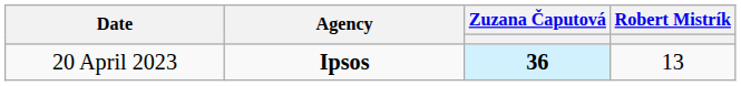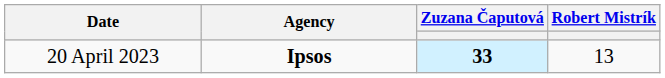 <table class="wikitable" style="text-align:center;">
 <tr style="font-size:80%;">
 <th style="width:150px;" rowspan="2">Date</th>
 <th style="width:165px;" rowspan="2">Agency</th>
 <th><a href='#'>Zuzana Čaputová</a></th>
 <th><a href='#'>Robert Mistrík</a></th>
 </tr>
 <tr>
 <th style="background:"></th>
 <th style="background:"></th>
 </tr>
 <tr>
 <td>20 April 2023</td>
 <td><strong>Ipsos</strong></td>
-<td style="background:#D1F1FF"><strong>36</strong></td>
+<td style="background:#D1F1FF"><strong>33</strong></td>
 <td>13</td>
 </tr>
 </table>
